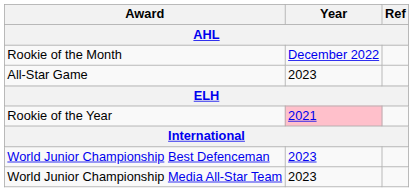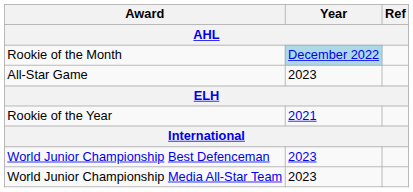 <table class="wikitable">
 <tr>
 <th>Award</th>
 <th>Year</th>
 <th>Ref</th>
 </tr>
 <tr ALIGN="center" bgcolor="#e0e0e0">
 <th colspan="4"><a href='#'>AHL</a></th>
 </tr>
 <tr>
 <td>Rookie of the Month</td>
-<td><a href='#'>December 2022</a></td>
+<td style="background: lightblue;"><a href='#'>December 2022</a></td>
 <td></td>
 </tr>
 <tr>
 <td>All-Star Game</td>
 <td>2023</td>
 <td></td>
 </tr>
 <tr ALIGN="center" bgcolor="#e0e0e0">
 <th colspan="4"><a href='#'>ELH</a></th>
 </tr>
 <tr>
 <td>Rookie of the Year</td>
-<td style="background: pink;"><a href='#'>2021</a></td>
+<td><a href='#'>2021</a></td>
 <td></td>
 </tr>
 <tr ALIGN="center" bgcolor="#e0e0e0">
 <th colspan="4"><a href='#'>International</a></th>
 </tr>
 <tr>
 <td><a href='#'>World Junior Championship</a> <a href='#'>Best Defenceman</a></td>
 <td><a href='#'>2023</a></td>
 <td></td>
 </tr>
 <tr>
 <td>World Junior Championship <a href='#'>Media All-Star Team</a></td>
 <td>2023</td>
 <td></td>
 </tr>
 </table>
